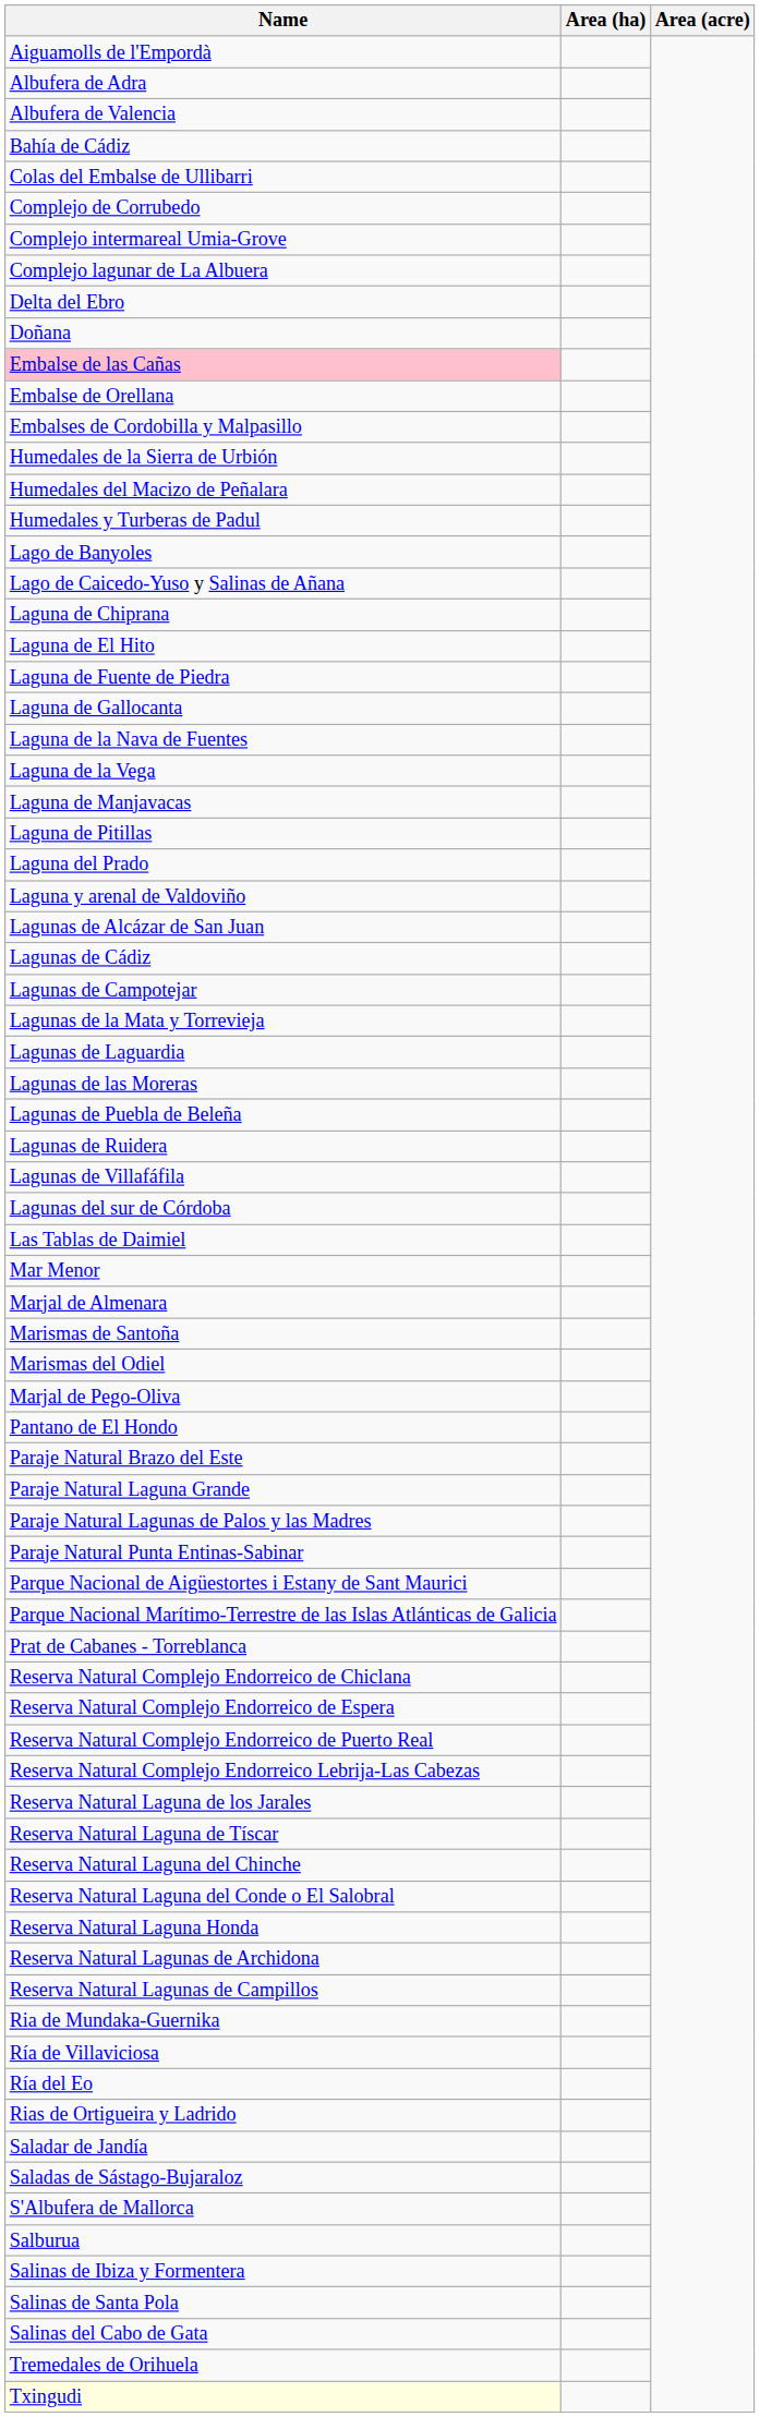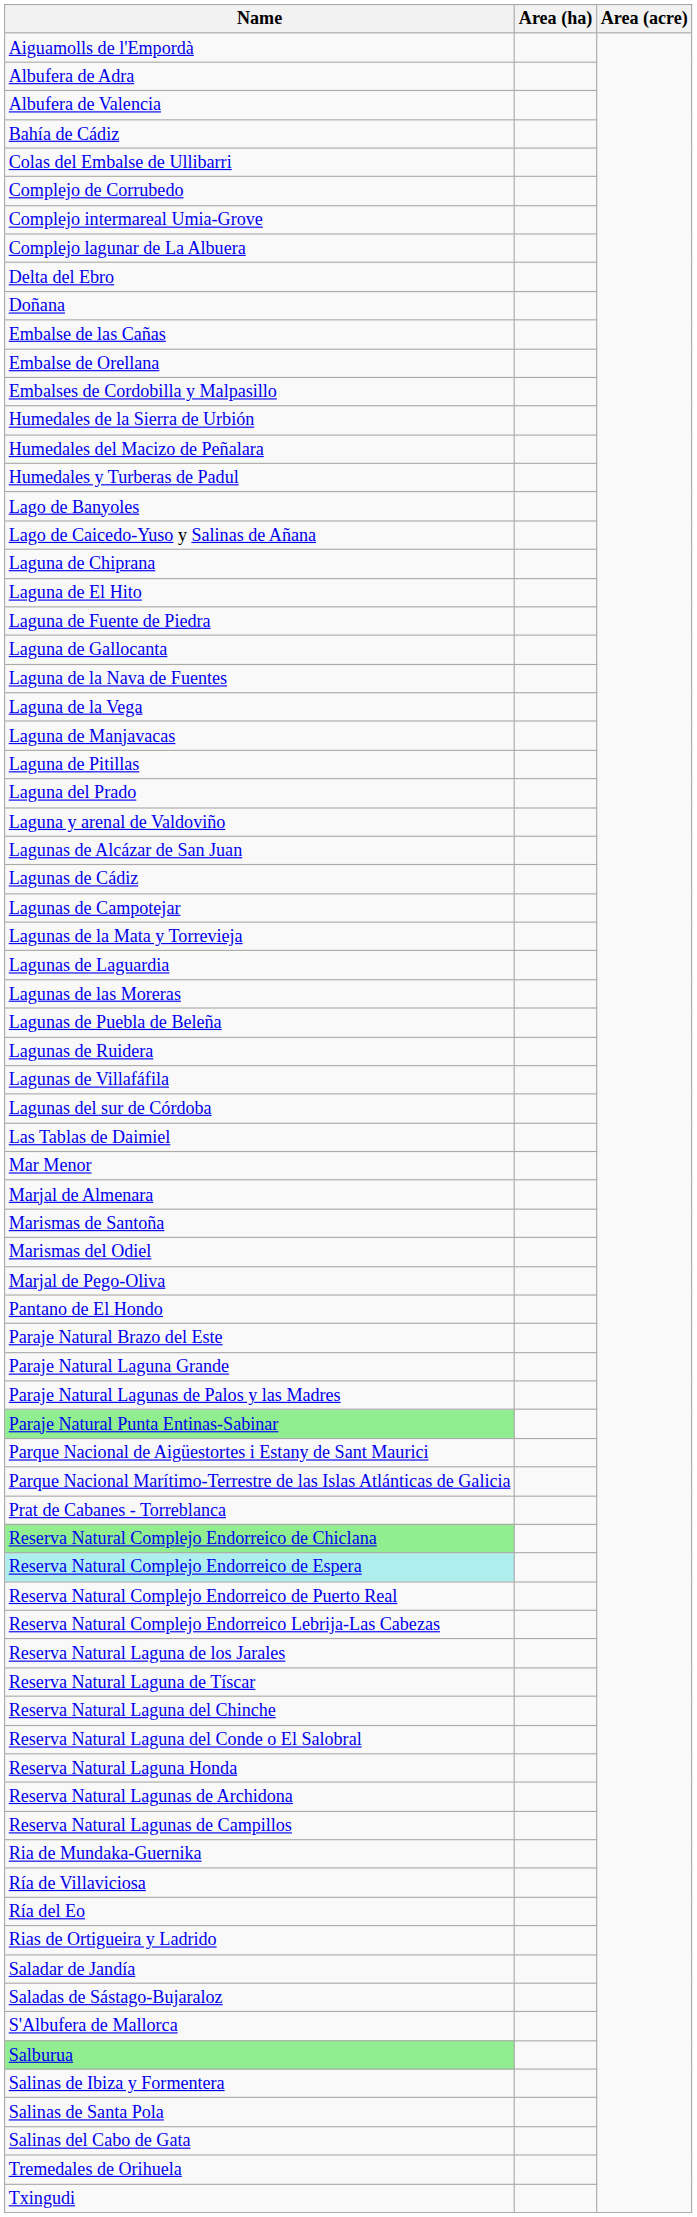 <table class="wikitable">
 <tr>
 <th scope="col" align=left>Name</th>
 <th scope="col">Area (ha)</th>
 <th scope="col">Area (acre)</th>
 </tr>
 <tr ---->
 <td><a href='#'>Aiguamolls de l'Empordà</a></td>
 <td></td>
 </tr>
 <tr ---->
 <td><a href='#'>Albufera de Adra</a></td>
 <td></td>
 </tr>
 <tr ---->
 <td><a href='#'>Albufera de Valencia</a></td>
 <td></td>
 </tr>
 <tr ---->
 <td><a href='#'>Bahía de Cádiz</a></td>
 <td></td>
 </tr>
 <tr ---->
 <td><a href='#'>Colas del Embalse de Ullibarri</a></td>
 <td></td>
 </tr>
 <tr ---->
 <td><a href='#'>Complejo de Corrubedo</a></td>
 <td></td>
 </tr>
 <tr ---->
 <td><a href='#'>Complejo intermareal Umia-Grove</a></td>
 <td></td>
 </tr>
 <tr ---->
 <td><a href='#'>Complejo lagunar de La Albuera</a></td>
 <td></td>
 </tr>
 <tr ---->
 <td><a href='#'>Delta del Ebro</a></td>
 <td></td>
 </tr>
 <tr ---->
 <td><a href='#'>Doñana</a></td>
 <td></td>
 </tr>
 <tr ---->
-<td style="background: pink;"><a href='#'>Embalse de las Cañas</a></td>
+<td><a href='#'>Embalse de las Cañas</a></td>
 <td></td>
 </tr>
 <tr ---->
 <td><a href='#'>Embalse de Orellana</a></td>
 <td></td>
 </tr>
 <tr ---->
 <td><a href='#'>Embalses de Cordobilla y Malpasillo</a></td>
 <td></td>
 </tr>
 <tr ---->
 <td><a href='#'>Humedales de la Sierra de Urbión</a></td>
 <td></td>
 </tr>
 <tr ---->
 <td><a href='#'>Humedales del Macizo de Peñalara</a></td>
 <td></td>
 </tr>
 <tr ---->
 <td><a href='#'>Humedales y Turberas de Padul</a></td>
 <td></td>
 </tr>
 <tr ---->
 <td><a href='#'>Lago de Banyoles</a></td>
 <td></td>
 </tr>
 <tr ---->
 <td><a href='#'>Lago de Caicedo-Yuso</a> y <a href='#'>Salinas de Añana</a></td>
 <td></td>
 </tr>
 <tr ---->
 <td><a href='#'>Laguna de Chiprana</a></td>
 <td></td>
 </tr>
 <tr ---->
 <td><a href='#'>Laguna de El Hito</a></td>
 <td></td>
 </tr>
 <tr ---->
 <td><a href='#'>Laguna de Fuente de Piedra</a></td>
 <td></td>
 </tr>
 <tr ---->
 <td><a href='#'>Laguna de Gallocanta</a></td>
 <td></td>
 </tr>
 <tr ---->
 <td><a href='#'>Laguna de la Nava de Fuentes</a></td>
 <td></td>
 </tr>
 <tr ---->
 <td><a href='#'>Laguna de la Vega</a></td>
 <td></td>
 </tr>
 <tr ---->
 <td><a href='#'>Laguna de Manjavacas</a></td>
 <td></td>
 </tr>
 <tr ---->
 <td><a href='#'>Laguna de Pitillas</a></td>
 <td></td>
 </tr>
 <tr ---->
 <td><a href='#'>Laguna del Prado</a></td>
 <td></td>
 </tr>
 <tr ---->
 <td><a href='#'>Laguna y arenal de Valdoviño</a></td>
 <td></td>
 </tr>
 <tr ---->
 <td><a href='#'>Lagunas de Alcázar de San Juan</a></td>
 <td></td>
 </tr>
 <tr ---->
 <td><a href='#'>Lagunas de Cádiz</a></td>
 <td></td>
 </tr>
 <tr ---->
 <td><a href='#'>Lagunas de Campotejar</a></td>
 <td></td>
 </tr>
 <tr ---->
 <td><a href='#'>Lagunas de la Mata y Torrevieja</a></td>
 <td></td>
 </tr>
 <tr ---->
 <td><a href='#'>Lagunas de Laguardia</a></td>
 <td></td>
 </tr>
 <tr ---->
 <td><a href='#'>Lagunas de las Moreras</a></td>
 <td></td>
 </tr>
 <tr ---->
 <td><a href='#'>Lagunas de Puebla de Beleña</a></td>
 <td></td>
 </tr>
 <tr ---->
 <td><a href='#'>Lagunas de Ruidera</a></td>
 <td></td>
 </tr>
 <tr ---->
 <td><a href='#'>Lagunas de Villafáfila</a></td>
 <td></td>
 </tr>
 <tr ---->
 <td><a href='#'>Lagunas del sur de Córdoba</a></td>
 <td></td>
 </tr>
 <tr ---->
 <td><a href='#'>Las Tablas de Daimiel</a></td>
 <td></td>
 </tr>
 <tr ---->
 <td><a href='#'>Mar Menor</a></td>
 <td></td>
 </tr>
 <tr ---->
 <td><a href='#'>Marjal de Almenara</a></td>
 <td></td>
 </tr>
 <tr ---->
 <td><a href='#'>Marismas de Santoña</a></td>
 <td></td>
 </tr>
 <tr ---->
 <td><a href='#'>Marismas del Odiel</a></td>
 <td></td>
 </tr>
 <tr ---->
 <td><a href='#'>Marjal de Pego-Oliva</a></td>
 <td></td>
 </tr>
 <tr ---->
 <td><a href='#'>Pantano de El Hondo</a></td>
 <td></td>
 </tr>
 <tr ---->
 <td><a href='#'>Paraje Natural Brazo del Este</a></td>
 <td></td>
 </tr>
 <tr ---->
 <td><a href='#'>Paraje Natural Laguna Grande</a></td>
 <td></td>
 </tr>
 <tr ---->
 <td><a href='#'>Paraje Natural Lagunas de Palos y las Madres</a></td>
 <td></td>
 </tr>
 <tr ---->
-<td><a href='#'>Paraje Natural Punta Entinas-Sabinar</a></td>
+<td style="background: lightgreen;"><a href='#'>Paraje Natural Punta Entinas-Sabinar</a></td>
 <td></td>
 </tr>
 <tr ---->
 <td><a href='#'>Parque Nacional de Aigüestortes i Estany de Sant Maurici</a></td>
 <td></td>
 </tr>
 <tr ---->
 <td><a href='#'>Parque Nacional Marítimo-Terrestre de las Islas Atlánticas de Galicia</a></td>
 <td></td>
 </tr>
 <tr ---->
 <td><a href='#'>Prat de Cabanes - Torreblanca</a></td>
 <td></td>
 </tr>
 <tr ---->
-<td><a href='#'>Reserva Natural Complejo Endorreico de Chiclana</a></td>
+<td style="background: lightgreen;"><a href='#'>Reserva Natural Complejo Endorreico de Chiclana</a></td>
 <td></td>
 </tr>
 <tr ---->
-<td><a href='#'>Reserva Natural Complejo Endorreico de Espera</a></td>
+<td style="background: paleturquoise;"><a href='#'>Reserva Natural Complejo Endorreico de Espera</a></td>
 <td></td>
 </tr>
 <tr ---->
 <td><a href='#'>Reserva Natural Complejo Endorreico de Puerto Real</a></td>
 <td></td>
 </tr>
 <tr ---->
 <td><a href='#'>Reserva Natural Complejo Endorreico Lebrija-Las Cabezas</a></td>
 <td></td>
 </tr>
 <tr ---->
 <td><a href='#'>Reserva Natural Laguna de los Jarales</a></td>
 <td></td>
 </tr>
 <tr ---->
 <td><a href='#'>Reserva Natural Laguna de Tíscar</a></td>
 <td></td>
 </tr>
 <tr ---->
 <td><a href='#'>Reserva Natural Laguna del Chinche</a></td>
 <td></td>
 </tr>
 <tr ---->
 <td><a href='#'>Reserva Natural Laguna del Conde o El Salobral</a></td>
 <td></td>
 </tr>
 <tr ---->
 <td><a href='#'>Reserva Natural Laguna Honda</a></td>
 <td></td>
 </tr>
 <tr ---->
 <td><a href='#'>Reserva Natural Lagunas de Archidona</a></td>
 <td></td>
 </tr>
 <tr ---->
 <td><a href='#'>Reserva Natural Lagunas de Campillos</a></td>
 <td></td>
 </tr>
 <tr ---->
 <td><a href='#'>Ria de Mundaka-Guernika</a></td>
 <td></td>
 </tr>
 <tr ---->
 <td><a href='#'>Ría de Villaviciosa</a></td>
 <td></td>
 </tr>
 <tr ---->
 <td><a href='#'>Ría del Eo</a></td>
 <td></td>
 </tr>
 <tr ---->
 <td><a href='#'>Rias de Ortigueira y Ladrido</a></td>
 <td></td>
 </tr>
 <tr ---->
 <td><a href='#'>Saladar de Jandía</a></td>
 <td></td>
 </tr>
 <tr ---->
 <td><a href='#'>Saladas de Sástago-Bujaraloz</a></td>
 <td></td>
 </tr>
 <tr ---->
 <td><a href='#'>S'Albufera de Mallorca</a></td>
 <td></td>
 </tr>
 <tr ---->
-<td><a href='#'>Salburua</a></td>
+<td style="background: lightgreen;"><a href='#'>Salburua</a></td>
 <td></td>
 </tr>
 <tr ---->
 <td><a href='#'>Salinas de Ibiza y Formentera</a></td>
 <td></td>
 </tr>
 <tr ---->
 <td><a href='#'>Salinas de Santa Pola</a></td>
 <td></td>
 </tr>
 <tr ---->
 <td><a href='#'>Salinas del Cabo de Gata</a></td>
 <td></td>
 </tr>
 <tr ---->
 <td><a href='#'>Tremedales de Orihuela</a></td>
 <td></td>
 </tr>
 <tr ---->
-<td style="background: lightyellow;"><a href='#'>Txingudi</a></td>
+<td><a href='#'>Txingudi</a></td>
 <td></td>
 </tr>
 </table>
